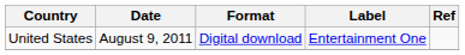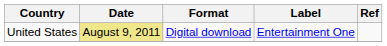 <table class="wikitable">
 <tr>
 <th>Country</th>
 <th>Date</th>
 <th>Format</th>
 <th>Label</th>
 <th>Ref</th>
 </tr>
 <tr>
 <td>United States</td>
-<td rowspan="1">August 9, 2011</td>
+<td rowspan="1" style="background: khaki;">August 9, 2011</td>
 <td rowspan="1"><a href='#'>Digital download</a></td>
 <td rowspan="1"><a href='#'>Entertainment One</a></td>
 <td></td>
 </tr>
 <tr>
 </tr>
 </table>
